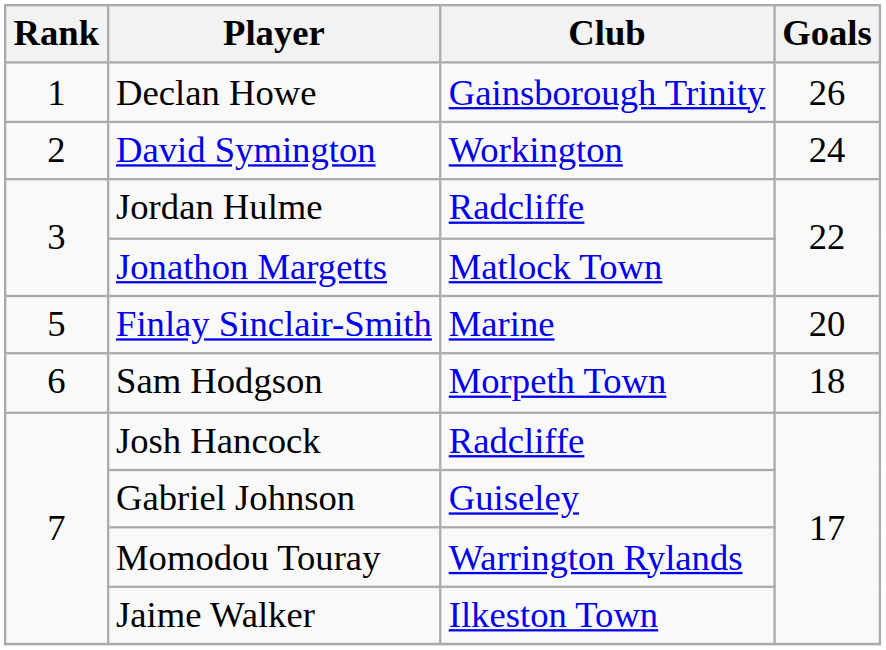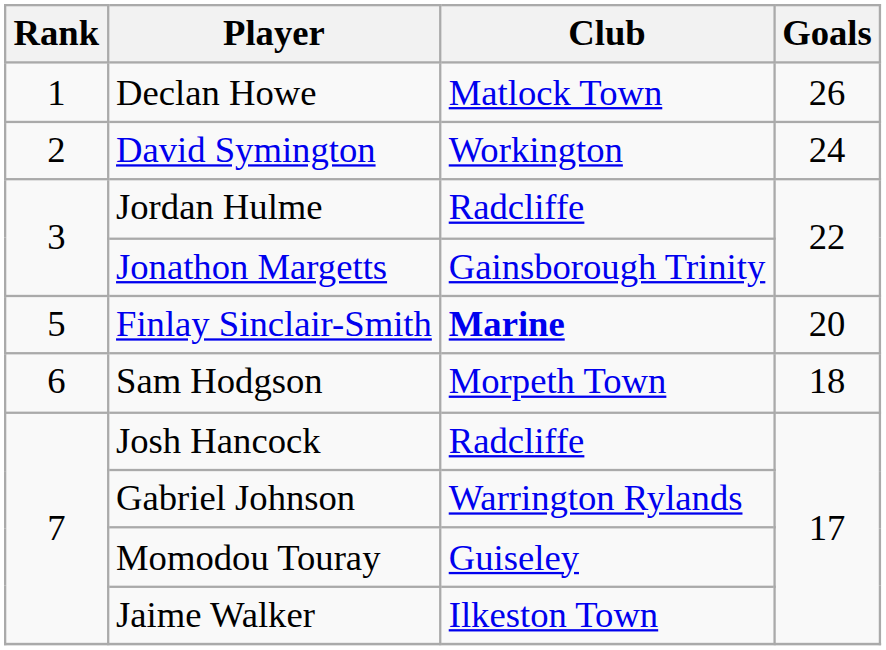 <table class="wikitable" style="text-align:center">
 <tr>
 <th>Rank</th>
 <th>Player</th>
 <th>Club</th>
 <th>Goals</th>
 </tr>
 <tr>
 <td rowspan="1">1</td>
 <td align=left>Declan Howe</td>
-<td align=left><a href='#'>Gainsborough Trinity</a></td>
+<td align=left><a href='#'>Matlock Town</a></td>
 <td rowspan="1">26</td>
 </tr>
 <tr>
 <td rowspan="1">2</td>
 <td align=left><a href='#'>David Symington</a></td>
 <td align=left><a href='#'>Workington</a></td>
 <td rowspan="1">24</td>
 </tr>
 <tr>
 <td rowspan="2">3</td>
 <td align=left>Jordan Hulme</td>
 <td align=left><a href='#'>Radcliffe</a></td>
 <td rowspan="2">22</td>
 </tr>
 <tr>
 <td align=left><a href='#'>Jonathon Margetts</a></td>
-<td align=left><a href='#'>Matlock Town</a></td>
+<td align=left><a href='#'>Gainsborough Trinity</a></td>
 </tr>
 <tr>
 <td rowspan="1">5</td>
 <td align=left><a href='#'>Finlay Sinclair-Smith</a></td>
-<td align=left><a href='#'>Marine</a></td>
+<td align=left><strong><a href='#'>Marine</a></strong></td>
 <td rowspan="1">20</td>
 </tr>
 <tr>
 <td rowspan="1">6</td>
 <td align=left>Sam Hodgson</td>
 <td align=left><a href='#'>Morpeth Town</a></td>
 <td rowspan="1">18</td>
 </tr>
 <tr>
 <td rowspan="4">7</td>
 <td align=left>Josh Hancock</td>
 <td align=left><a href='#'>Radcliffe</a></td>
 <td rowspan="4">17</td>
 </tr>
 <tr>
 <td align=left>Gabriel Johnson</td>
-<td align=left><a href='#'>Guiseley</a></td>
+<td align=left><a href='#'>Warrington Rylands</a></td>
 </tr>
 <tr>
 <td align=left>Momodou Touray</td>
-<td align=left><a href='#'>Warrington Rylands</a></td>
+<td align=left><a href='#'>Guiseley</a></td>
 </tr>
 <tr>
 <td align=left>Jaime Walker</td>
 <td align=left><a href='#'>Ilkeston Town</a></td>
 </tr>
 <tr>
 </tr>
 </table>
